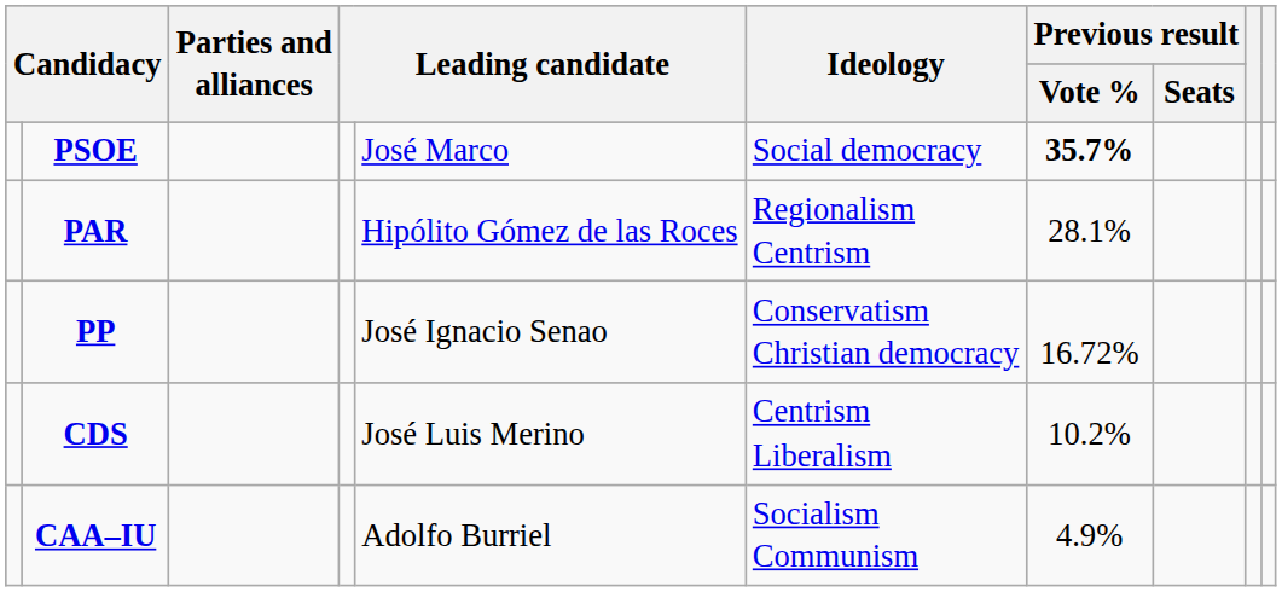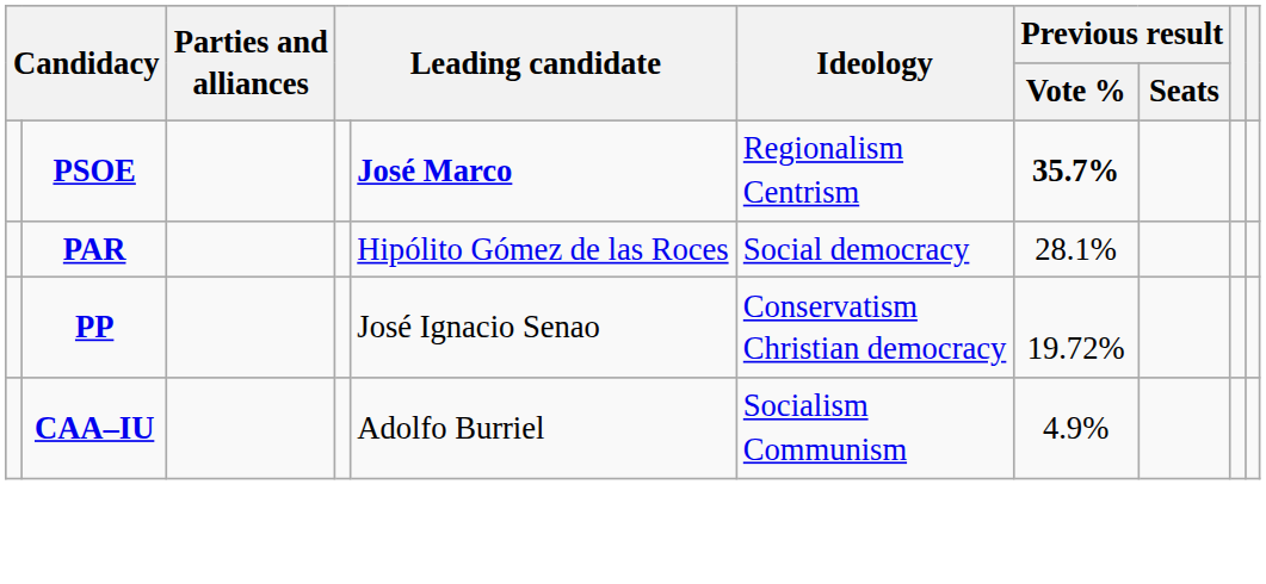 <table class="wikitable" style="line-height:1.35em; text-align:left;">
 <tr>
 <th colspan="2" rowspan="2">Candidacy</th>
 <th rowspan="2">Parties and<br>alliances</th>
 <th colspan="2" rowspan="2">Leading candidate</th>
 <th rowspan="2">Ideology</th>
 <th colspan="2">Previous result</th>
 <th rowspan="2"></th>
 <th rowspan="2"></th>
 </tr>
 <tr>
 <th>Vote %</th>
 <th>Seats</th>
 </tr>
 <tr>
 <td width="1" style="color:inherit;background:"></td>
 <td align="center"><strong><a href='#'>PSOE</a></strong></td>
 <td></td>
 <td></td>
-<td><a href='#'>José Marco</a></td>
-<td><a href='#'>Social democracy</a></td>
+<td><strong><a href='#'>José Marco</a></strong></td>
+<td><a href='#'>Regionalism</a><br><a href='#'>Centrism</a></td>
 <td align="center"><strong>35.7%</strong></td>
 <td></td>
 <td></td>
 <td></td>
 </tr>
 <tr>
 <td style="color:inherit;background:"></td>
 <td align="center"><strong><a href='#'>PAR</a></strong></td>
 <td></td>
 <td></td>
 <td><a href='#'>Hipólito Gómez de las Roces</a></td>
-<td><a href='#'>Regionalism</a><br><a href='#'>Centrism</a></td>
+<td><a href='#'>Social democracy</a></td>
 <td align="center">28.1%</td>
 <td></td>
 <td></td>
 <td></td>
 </tr>
 <tr>
 <td style="color:inherit;background:"></td>
 <td align="center"><strong><a href='#'>PP</a></strong></td>
 <td></td>
 <td></td>
 <td>José Ignacio Senao</td>
 <td><a href='#'>Conservatism</a><br><a href='#'>Christian democracy</a></td>
-<td align="center"><br>16.72%<br></td>
-<td></td>
-<td></td>
-<td></td>
-</tr>
-<tr>
-<td style="color:inherit;background:"></td>
-<td align="center"><strong><a href='#'>CDS</a></strong></td>
-<td></td>
-<td></td>
-<td>José Luis Merino</td>
-<td><a href='#'>Centrism</a><br><a href='#'>Liberalism</a></td>
-<td align="center">10.2%</td>
+<td align="center"><br>19.72%<br></td>
 <td></td>
 <td></td>
 <td></td>
 </tr>
 <tr>
 <td style="color:inherit;background:"></td>
 <td align="center"><strong><a href='#'>CAA–IU</a></strong></td>
 <td></td>
 <td></td>
 <td>Adolfo Burriel</td>
 <td><a href='#'>Socialism</a><br><a href='#'>Communism</a></td>
 <td align="center">4.9%</td>
 <td></td>
 <td></td>
 <td></td>
 </tr>
 </table>
